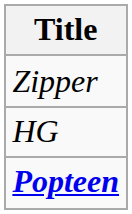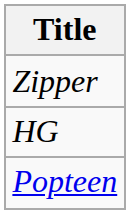 <table class="wikitable">
 <tr>
 <th>Title</th>
 </tr>
 <tr>
 <td><em>Zipper</em></td>
 </tr>
 <tr>
 <td><em>HG</em></td>
 </tr>
 <tr>
-<td><strong><em><a href='#'>Popteen</a></em></strong></td>
+<td><em><a href='#'>Popteen</a></em></td>
 </tr>
 </table>
